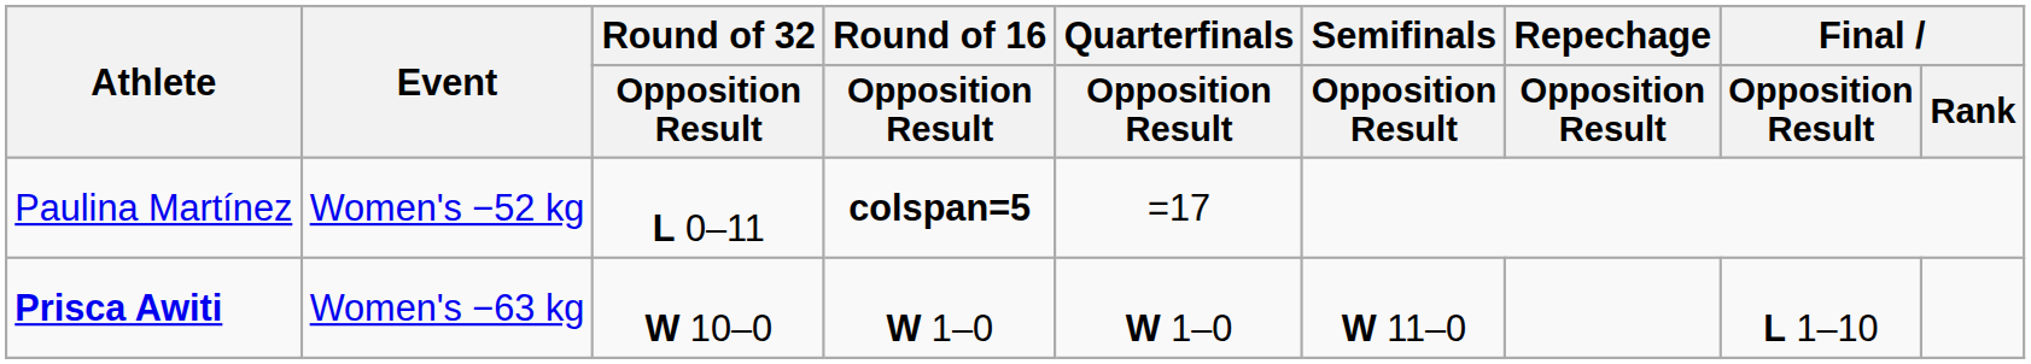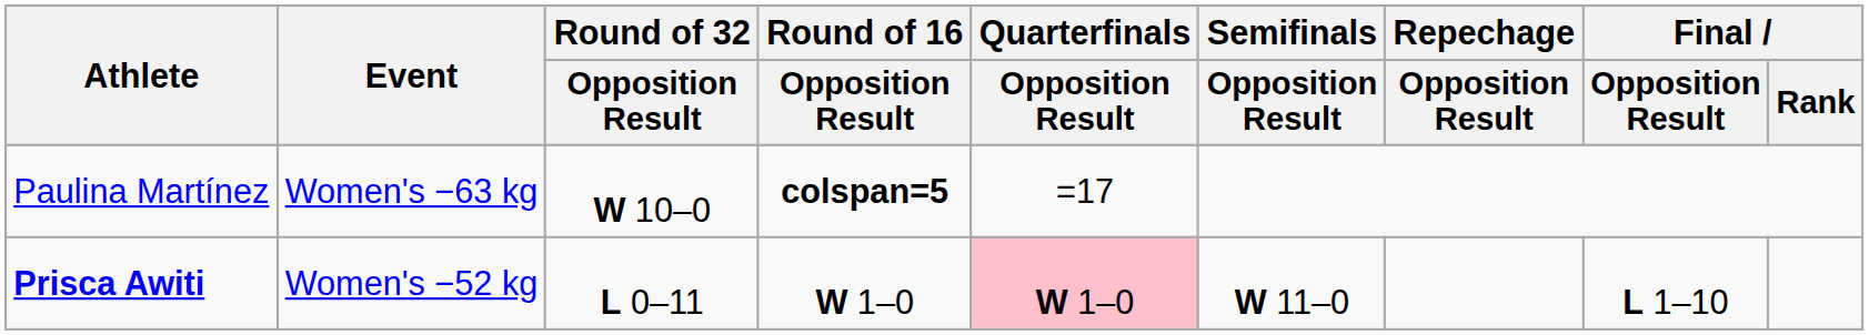 <table class="wikitable" style="font-size:90%">
 <tr>
 <th rowspan="2">Athlete</th>
 <th rowspan="2">Event</th>
 <th>Round of 32</th>
 <th>Round of 16</th>
 <th>Quarterfinals</th>
 <th>Semifinals</th>
 <th>Repechage</th>
 <th colspan=2>Final / </th>
 </tr>
 <tr style="font-size:95%">
 <th>Opposition<br>Result</th>
 <th>Opposition<br>Result</th>
 <th>Opposition<br>Result</th>
 <th>Opposition<br>Result</th>
 <th>Opposition<br>Result</th>
 <th>Opposition<br>Result</th>
 <th>Rank</th>
 </tr>
 <tr align=center>
 <td align=left><a href='#'>Paulina Martínez</a></td>
-<td align=left><a href='#'>Women's −52 kg</a></td>
-<td><br><strong>L</strong> 0–11</td>
+<td align=left><a href='#'>Women's −63 kg</a></td>
+<td><br><strong>W</strong> 10–0</td>
 <td><strong>colspan=5</strong></td>
 <td>=17</td>
 </tr>
 <tr align=center>
 <td align=left><strong><a href='#'>Prisca Awiti</a></strong></td>
-<td align=left><a href='#'>Women's −63 kg</a></td>
-<td><br><strong>W</strong> 10–0</td>
+<td align=left><a href='#'>Women's −52 kg</a></td>
+<td><br><strong>L</strong> 0–11</td>
 <td><br><strong>W</strong> 1–0</td>
-<td><br><strong>W</strong> 1–0</td>
+<td style="background: pink;"><br><strong>W</strong> 1–0</td>
 <td><br><strong>W</strong> 11–0</td>
 <td></td>
 <td><br><strong>L</strong> 1–10</td>
 <td></td>
 </tr>
 </table>
